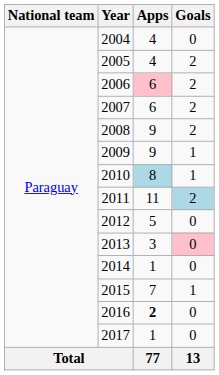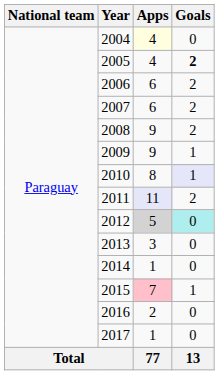 <table class="wikitable" style="text-align:center">
 <tr>
 <th>National team</th>
 <th>Year</th>
 <th>Apps</th>
 <th>Goals</th>
 </tr>
 <tr>
 <td rowspan="14"><a href='#'>Paraguay</a></td>
 <td>2004</td>
-<td>4</td>
+<td style="background: lightyellow;">4</td>
 <td>0</td>
 </tr>
 <tr>
 <td>2005</td>
 <td>4</td>
-<td>2</td>
+<td><strong>2</strong></td>
 </tr>
 <tr>
 <td>2006</td>
-<td style="background: pink;">6</td>
+<td>6</td>
 <td>2</td>
 </tr>
 <tr>
 <td>2007</td>
 <td>6</td>
 <td>2</td>
 </tr>
 <tr>
 <td>2008</td>
 <td>9</td>
 <td>2</td>
 </tr>
 <tr>
 <td>2009</td>
 <td>9</td>
 <td>1</td>
 </tr>
 <tr>
 <td>2010</td>
-<td style="background: lightblue;">8</td>
-<td>1</td>
+<td>8</td>
+<td style="background: lavender;">1</td>
 </tr>
 <tr>
 <td>2011</td>
-<td>11</td>
-<td style="background: lightblue;">2</td>
+<td style="background: lavender;">11</td>
+<td>2</td>
 </tr>
 <tr>
 <td>2012</td>
-<td>5</td>
-<td>0</td>
+<td style="background: lightgrey;">5</td>
+<td style="background: paleturquoise;">0</td>
 </tr>
 <tr>
 <td>2013</td>
 <td>3</td>
-<td style="background: pink;">0</td>
+<td>0</td>
 </tr>
 <tr>
 <td>2014</td>
 <td>1</td>
 <td>0</td>
 </tr>
 <tr>
 <td>2015</td>
-<td>7</td>
+<td style="background: pink;">7</td>
 <td>1</td>
 </tr>
 <tr>
 <td>2016</td>
-<td><strong>2</strong></td>
+<td>2</td>
 <td>0</td>
 </tr>
 <tr>
 <td>2017</td>
 <td>1</td>
 <td>0</td>
 </tr>
 <tr>
 <th colspan="2">Total</th>
 <th>77</th>
 <th>13</th>
 </tr>
 </table>
